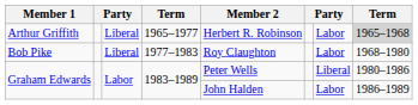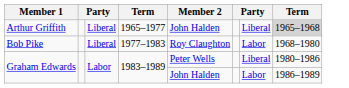 <table class="wikitable">
 <tr>
 <th>Member 1</th>
 <th colspan=2>Party</th>
 <th>Term</th>
 <th>Member 2</th>
 <th colspan=2>Party</th>
 <th>Term</th>
 </tr>
 <tr>
 <td rowspan=2><a href='#'>Arthur Griffith</a></td>
 <td rowspan=2 > </td>
 <td rowspan=2><a href='#'>Liberal</a></td>
 <td rowspan=2>1965–1977</td>
-<td><a href='#'>Herbert R. Robinson</a></td>
+<td><a href='#'>John Halden</a></td>
 <td> </td>
-<td><a href='#'>Labor</a></td>
+<td><a href='#'>Liberal</a></td>
 <td style="background: lightgrey;">1965–1968</td>
 </tr>
 <tr>
 <td rowspan=2><a href='#'>Roy Claughton</a></td>
 <td rowspan=2 > </td>
 <td rowspan=2><a href='#'>Labor</a></td>
 <td rowspan=2>1968–1980</td>
 </tr>
 <tr>
 <td rowspan=2><a href='#'>Bob Pike</a></td>
 <td rowspan=2 > </td>
 <td rowspan=2><a href='#'>Liberal</a></td>
 <td rowspan=2>1977–1983</td>
 </tr>
 <tr>
 <td rowspan=2><a href='#'>Peter Wells</a></td>
 <td rowspan=2 > </td>
 <td rowspan=2><a href='#'>Liberal</a></td>
 <td rowspan=2>1980–1986</td>
 </tr>
 <tr>
 <td rowspan=2><a href='#'>Graham Edwards</a></td>
 <td rowspan=2 > </td>
 <td rowspan=2><a href='#'>Labor</a></td>
 <td rowspan=2>1983–1989</td>
 </tr>
 <tr>
 <td><a href='#'>John Halden</a></td>
 <td> </td>
 <td><a href='#'>Labor</a></td>
 <td>1986–1989</td>
 </tr>
 </table>
